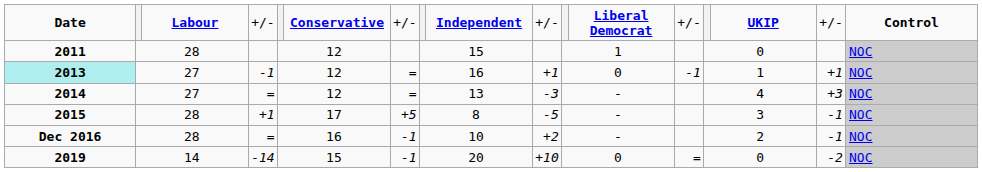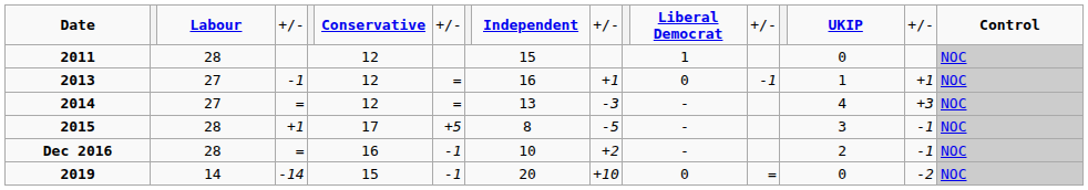 <table class="wikitable" style="text-align:left; padding-left:1em;">
 <tr>
 <td width=125 align="center"><strong>Date</strong></td>
 <th style="background-color: "></th>
 <td width=100 align="center"><strong><a href='#'>Labour</a></strong></td>
 <td width=20 align="center">+/-</td>
 <th style="background-color: "></th>
 <td width=100 align="center"><strong><a href='#'>Conservative</a></strong></td>
 <td width=20 align="center">+/-</td>
 <th style="background-color: "></th>
 <td width=100 align="center"><strong><a href='#'>Independent</a></strong></td>
 <td width=20 align="center">+/-</td>
 <th style="background-color: "></th>
 <td width=100 align="center"><strong><a href='#'>Liberal Democrat</a></strong></td>
 <td width=20 align="center">+/-</td>
 <th style="background-color: "></th>
 <td width=100 align="center"><strong><a href='#'>UKIP</a></strong></td>
 <td width=20 align="center">+/-</td>
 <td width=125 align="center"><strong>Control</strong></td>
 </tr>
 <tr>
 <td align="center"><strong>2011</strong></td>
 <td colspan="2" align="center">28</td>
 <td align="right"></td>
 <td colspan="2" align="center">12</td>
 <td align="right"></td>
 <td colspan="2" align="center">15</td>
 <td align="right"></td>
 <td colspan="2" align="center">1</td>
 <td align="right"></td>
 <td colspan="2" align="center">0</td>
 <td align="right"></td>
 <td bgcolor="CCCCCC"><a href='#'>NOC</a></td>
 </tr>
 <tr>
-<td align="center" style="background: paleturquoise;"><strong>2013</strong></td>
+<td align="center"><strong>2013</strong></td>
 <td colspan="2" align="center">27</td>
 <td align="right"><em>-1</em></td>
 <td colspan="2" align="center">12</td>
 <td align="right"><em>=</em></td>
 <td colspan="2" align="center">16</td>
 <td align="right"><em>+1</em></td>
 <td colspan="2" align="center">0</td>
 <td align="right"><em>-1</em></td>
 <td colspan="2" align="center">1</td>
 <td align="right"><em>+1</em></td>
 <td bgcolor="CCCCCC"><a href='#'>NOC</a></td>
 </tr>
 <tr>
 <td align="center"><strong>2014</strong></td>
 <td colspan="2" align="center">27</td>
 <td align="right"><em>=</em></td>
 <td colspan="2" align="center">12</td>
 <td align="right"><em>=</em></td>
 <td colspan="2" align="center">13</td>
 <td align="right"><em>-3</em></td>
 <td colspan="2" align="center">-</td>
 <td align="right"></td>
 <td colspan="2" align="center">4</td>
 <td align="right"><em>+3</em></td>
 <td bgcolor="CCCCCC"><a href='#'>NOC</a></td>
 </tr>
 <tr>
 <td align="center"><strong>2015</strong></td>
 <td colspan="2" align="center">28</td>
 <td align="right"><em>+1</em></td>
 <td colspan="2" align="center">17</td>
 <td align="right"><em>+5</em></td>
 <td colspan="2" align="center">8</td>
 <td align="right"><em>-5</em></td>
 <td colspan="2" align="center">-</td>
 <td align="right"></td>
 <td colspan="2" align="center">3</td>
 <td align="right"><em>-1</em></td>
 <td bgcolor="CCCCCC"><a href='#'>NOC</a></td>
 </tr>
 <tr>
 <td align="center"><strong>Dec 2016</strong></td>
 <td colspan="2" align="center">28</td>
 <td align="right"><em>=</em></td>
 <td colspan="2" align="center">16</td>
 <td align="right"><em>-1</em></td>
 <td colspan="2" align="center">10</td>
 <td align="right"><em>+2</em></td>
 <td colspan="2" align="center">-</td>
 <td align="right"></td>
 <td colspan="2" align="center">2</td>
 <td align="right"><em>-1</em></td>
 <td bgcolor="CCCCCC"><a href='#'>NOC</a></td>
 </tr>
 <tr>
 <td align="center"><strong>2019</strong></td>
 <td colspan="2" align="center">14</td>
 <td align="right"><em>-14</em></td>
 <td colspan="2" align="center">15</td>
 <td align="right"><em>-1</em></td>
 <td colspan="2" align="center">20</td>
 <td align="right"><em>+10</em></td>
 <td colspan="2" align="center">0</td>
 <td align="right"><em>=</em></td>
 <td colspan="2" align="center">0</td>
 <td align="right"><em>-2</em></td>
 <td bgcolor="CCCCCC"><a href='#'>NOC</a></td>
 </tr>
 <tr>
 </tr>
 </table>
